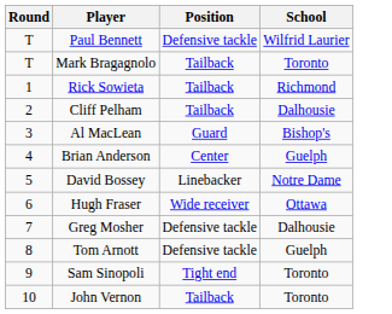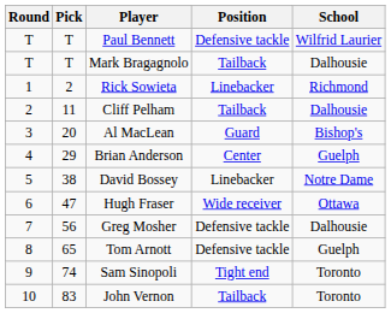 <table class="wikitable" style="font-size: 95%;">
 <tr>
 <th scope="col">Round</th>
+<th scope="col">Pick</th>
 <th scope="col">Player</th>
 <th scope="col">Position</th>
 <th scope="col">School</th>
 </tr>
 <tr align="center">
 <td align=center>T</td>
+<td>T</td>
 <td><a href='#'>Paul Bennett</a></td>
 <td><a href='#'>Defensive tackle</a></td>
 <td><a href='#'>Wilfrid Laurier</a></td>
 </tr>
 <tr align="center">
 <td align=center>T</td>
+<td>T</td>
 <td>Mark Bragagnolo</td>
 <td><a href='#'>Tailback</a></td>
-<td><a href='#'>Toronto</a></td>
+<td>Dalhousie</td>
 </tr>
 <tr align="center">
 <td align=center>1</td>
+<td>2</td>
 <td><a href='#'>Rick Sowieta</a></td>
-<td><a href='#'>Tailback</a></td>
+<td><a href='#'>Linebacker</a></td>
 <td><a href='#'>Richmond</a></td>
 </tr>
 <tr align="center">
 <td align=center>2</td>
+<td>11</td>
 <td>Cliff Pelham</td>
 <td><a href='#'>Tailback</a></td>
 <td><a href='#'>Dalhousie</a></td>
 </tr>
 <tr align="center">
 <td align=center>3</td>
+<td>20</td>
 <td>Al MacLean</td>
 <td><a href='#'>Guard</a></td>
 <td><a href='#'>Bishop's</a></td>
 </tr>
 <tr align="center">
 <td align=center>4</td>
+<td>29</td>
 <td>Brian Anderson</td>
 <td><a href='#'>Center</a></td>
 <td><a href='#'>Guelph</a></td>
 </tr>
 <tr align="center">
 <td align=center>5</td>
+<td>38</td>
 <td>David Bossey</td>
 <td>Linebacker</td>
 <td><a href='#'>Notre Dame</a></td>
 </tr>
 <tr align="center">
 <td align=center>6</td>
+<td>47</td>
 <td>Hugh Fraser</td>
 <td><a href='#'>Wide receiver</a></td>
 <td><a href='#'>Ottawa</a></td>
 </tr>
 <tr align="center">
 <td align=center>7</td>
+<td>56</td>
 <td>Greg Mosher</td>
 <td>Defensive tackle</td>
 <td>Dalhousie</td>
 </tr>
 <tr align="center">
 <td align=center>8</td>
+<td>65</td>
 <td>Tom Arnott</td>
 <td>Defensive tackle</td>
 <td>Guelph</td>
 </tr>
 <tr align="center">
 <td align=center>9</td>
+<td>74</td>
 <td>Sam Sinopoli</td>
 <td><a href='#'>Tight end</a></td>
 <td>Toronto</td>
 </tr>
 <tr align="center">
 <td align=center>10</td>
+<td>83</td>
 <td>John Vernon</td>
 <td><a href='#'>Tailback</a></td>
 <td>Toronto</td>
 </tr>
 </table>
